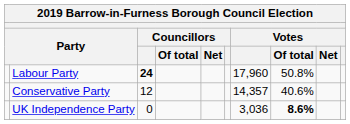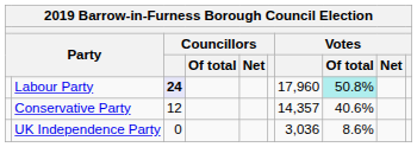 <table class="wikitable sortable" style="text-align:center;">
 <tr>
 <th colspan="10">2019 Barrow-in-Furness Borough Council Election</th>
 </tr>
 <tr>
 <th colspan="10"></th>
 </tr>
 <tr>
 <th colspan="2" rowspan="2">Party</th>
 <th colspan="4">Councillors</th>
 <th colspan="4">Votes</th>
 </tr>
 <tr>
 <th></th>
 <th>Of total</th>
 <th>Net</th>
 <th class="unsortable"></th>
 <th></th>
 <th>Of total</th>
 <th>Net</th>
 <th class="unsortable"></th>
 </tr>
 <tr>
 <td style="background:"></td>
 <td style="text-align:left;"><a href='#'>Labour Party</a></td>
-<td style="text-align:right;"><strong>24</strong></td>
+<td style="background: lavender; text-align:right;"><strong>24</strong></td>
 <td style="text-align:right;"></td>
 <td style="text-align:right;"></td>
 <td data-sort-value=""></td>
 <td style="text-align:right;">17,960</td>
-<td style="text-align:right;">50.8%</td>
+<td style="background: paleturquoise; text-align:right;">50.8%</td>
 <td style="text-align:right;"></td>
 <td></td>
 </tr>
 <tr>
 <td style="background:"></td>
 <td style="text-align:left;"><a href='#'>Conservative Party</a></td>
 <td style="text-align:right;">12</td>
 <td style="text-align:right;"></td>
 <td style="text-align:right;"></td>
 <td data-sort-value=""></td>
 <td style="text-align:right;">14,357</td>
 <td style="text-align:right;">40.6%</td>
 <td style="text-align:right;"></td>
 <td></td>
 </tr>
 <tr>
 <td style="background:"></td>
 <td style="text-align:left;"><a href='#'>UK Independence Party</a></td>
 <td style="text-align:right;">0</td>
 <td style="text-align:right;"></td>
 <td style="text-align:right;"></td>
 <td data-sort-value=""></td>
 <td style="text-align:right;">3,036</td>
-<td style="text-align:right;"><strong>8.6%</strong></td>
+<td style="text-align:right;">8.6%</td>
 <td style="text-align:right;"></td>
 <td></td>
 </tr>
 </table>
